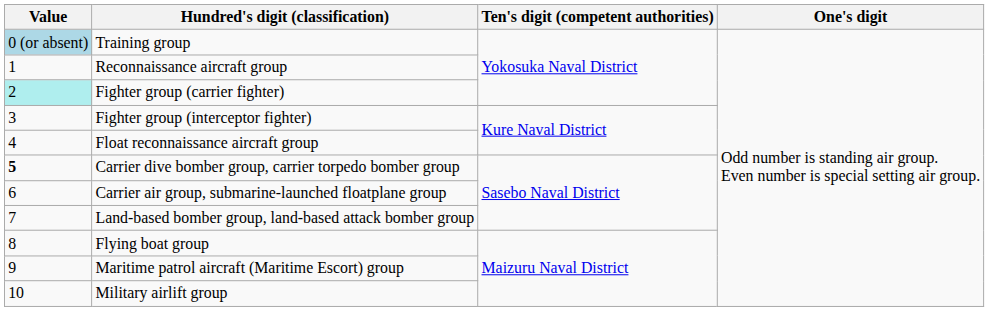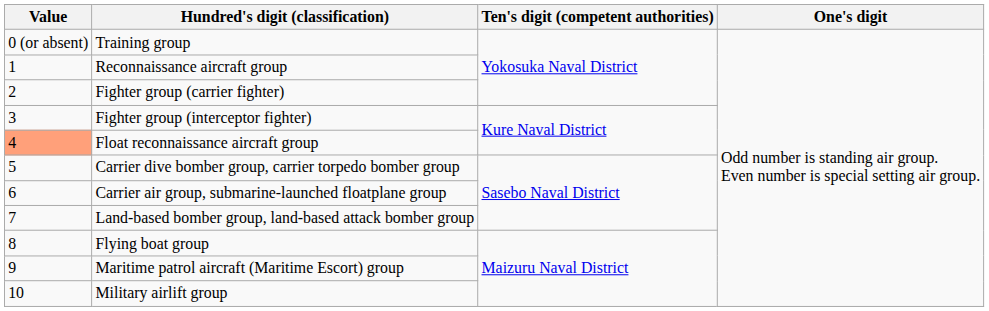 <table class="wikitable">
 <tr>
 <th>Value</th>
 <th>Hundred's digit (classification)</th>
 <th>Ten's digit (competent authorities)</th>
 <th>One's digit</th>
 </tr>
 <tr>
-<td style="background: lightblue;">0 (or absent)</td>
+<td>0 (or absent)</td>
 <td>Training group</td>
 <td rowspan="3"><a href='#'>Yokosuka Naval District</a></td>
 <td rowspan="11">Odd number is standing air group.<br>Even number is special setting air group.</td>
 </tr>
 <tr>
 <td>1</td>
 <td>Reconnaissance aircraft group</td>
 </tr>
 <tr>
-<td style="background: paleturquoise;">2</td>
+<td>2</td>
 <td>Fighter group (carrier fighter)</td>
 </tr>
 <tr>
 <td>3</td>
 <td>Fighter group (interceptor fighter)</td>
 <td rowspan="2"><a href='#'>Kure Naval District</a></td>
 </tr>
 <tr>
-<td>4</td>
+<td style="background: lightsalmon;">4</td>
 <td>Float reconnaissance aircraft group</td>
 </tr>
 <tr>
-<td><strong>5</strong></td>
+<td>5</td>
 <td>Carrier dive bomber group, carrier torpedo bomber group</td>
 <td rowspan="3"><a href='#'>Sasebo Naval District</a></td>
 </tr>
 <tr>
 <td>6</td>
 <td>Carrier air group, submarine-launched floatplane group</td>
 </tr>
 <tr>
 <td>7</td>
 <td>Land-based bomber group, land-based attack bomber group</td>
 </tr>
 <tr>
 <td>8</td>
 <td>Flying boat group</td>
 <td rowspan="3"><a href='#'>Maizuru Naval District</a></td>
 </tr>
 <tr>
 <td>9</td>
 <td>Maritime patrol aircraft (Maritime Escort) group</td>
 </tr>
 <tr>
 <td>10</td>
 <td>Military airlift group</td>
 </tr>
 </table>
